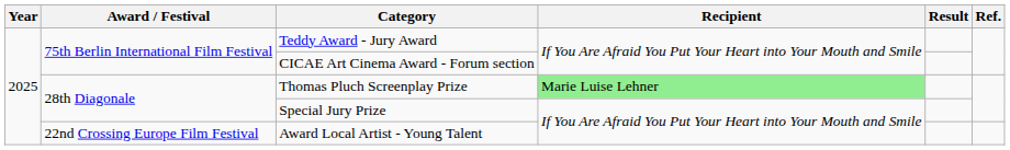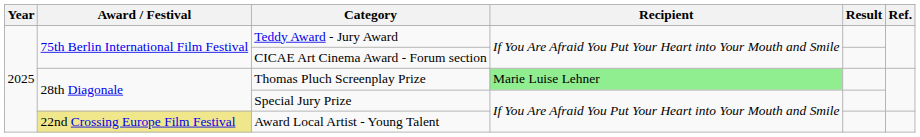 <table class="wikitable">
 <tr>
 <th>Year</th>
 <th>Award / Festival</th>
 <th>Category</th>
 <th>Recipient</th>
 <th>Result</th>
 <th>Ref.</th>
 </tr>
 <tr>
 <td rowspan="5">2025</td>
 <td rowspan="2"><a href='#'>75th Berlin International Film Festival</a></td>
 <td><a href='#'>Teddy Award</a> - Jury Award</td>
 <td rowspan="2"><em>If You Are Afraid You Put Your Heart into Your Mouth and Smile</em></td>
 <td></td>
 <td rowspan="2"></td>
 </tr>
 <tr>
 <td>CICAE Art Cinema Award - Forum section</td>
 <td></td>
 </tr>
 <tr>
 <td rowspan="2">28th <a href='#'>Diagonale</a></td>
 <td>Thomas Pluch Screenplay Prize</td>
 <td style="background: lightgreen;">Marie Luise Lehner</td>
 <td></td>
 <td rowspan="2"></td>
 </tr>
 <tr>
 <td>Special Jury Prize</td>
 <td rowspan="2"><em>If You Are Afraid You Put Your Heart into Your Mouth and Smile</em></td>
 <td></td>
 </tr>
 <tr>
-<td>22nd <a href='#'>Crossing Europe Film Festival</a></td>
+<td style="background: khaki;">22nd <a href='#'>Crossing Europe Film Festival</a></td>
 <td>Award Local Artist - Young Talent</td>
 <td></td>
 <td></td>
 </tr>
 </table>
